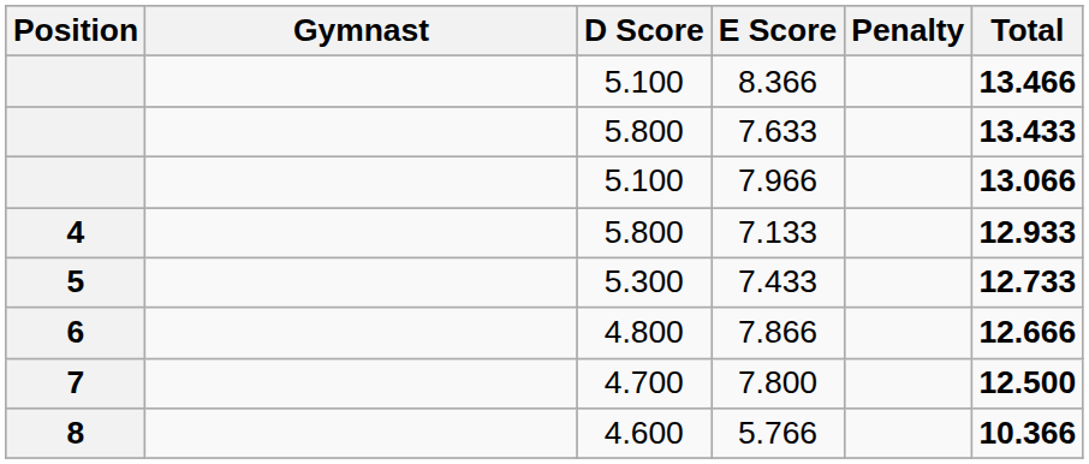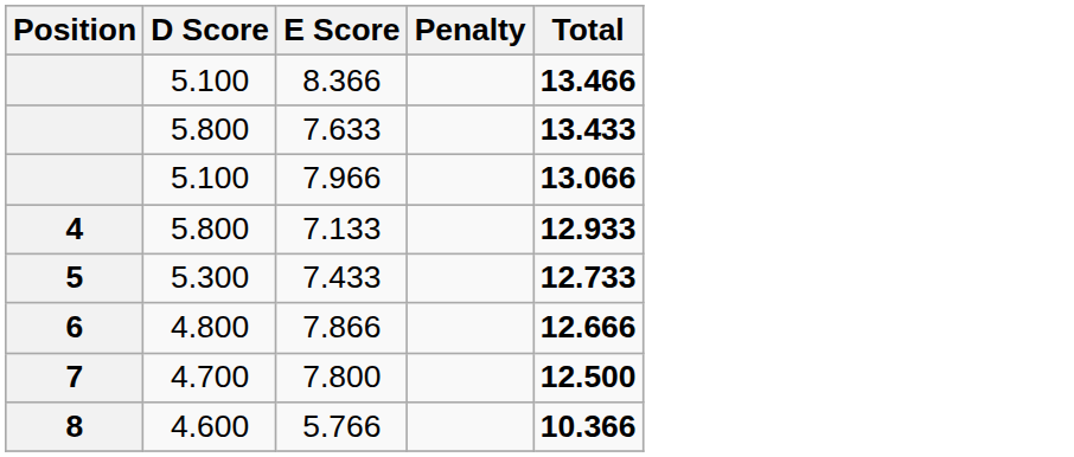 <table class="wikitable sortable" style="text-align:center">
 <tr>
 <th scope=col>Position</th>
-<th scope=col width="210">Gymnast</th>
 <th scope=col>D Score</th>
 <th scope=col>E Score</th>
 <th scope=col>Penalty</th>
 <th scope=col>Total</th>
 </tr>
 <tr>
 <th scope=row></th>
-<td align="left"></td>
 <td>5.100</td>
 <td>8.366</td>
 <td></td>
 <td><strong>13.466</strong></td>
 </tr>
 <tr>
 <th scope=row></th>
-<td align="left"></td>
 <td>5.800</td>
 <td>7.633</td>
 <td></td>
 <td><strong>13.433</strong></td>
 </tr>
 <tr>
 <th scope=row></th>
-<td align="left"></td>
 <td>5.100</td>
 <td>7.966</td>
 <td></td>
 <td><strong>13.066</strong></td>
 </tr>
 <tr>
 <th scope=row>4</th>
-<td align="left"></td>
 <td>5.800</td>
 <td>7.133</td>
 <td></td>
 <td><strong>12.933</strong></td>
 </tr>
 <tr>
 <th scope=row>5</th>
-<td align="left"></td>
 <td>5.300</td>
 <td>7.433</td>
 <td></td>
 <td><strong>12.733</strong></td>
 </tr>
 <tr>
 <th scope=row>6</th>
-<td align="left"></td>
 <td>4.800</td>
 <td>7.866</td>
 <td></td>
 <td><strong>12.666</strong></td>
 </tr>
 <tr>
 <th scope=row>7</th>
-<td align="left"></td>
 <td>4.700</td>
 <td>7.800</td>
 <td></td>
 <td><strong>12.500</strong></td>
 </tr>
 <tr>
 <th scope=row>8</th>
-<td align="left"></td>
 <td>4.600</td>
 <td>5.766</td>
 <td></td>
 <td><strong>10.366</strong></td>
 </tr>
 </table>
